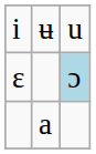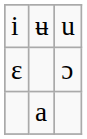 <table class="wikitable">
 <tr>
 <td>i</td>
 <td>ʉ</td>
 <td>u</td>
 </tr>
 <tr>
 <td>ɛ</td>
 <td></td>
-<td style="background: lightblue;">ɔ</td>
+<td>ɔ</td>
 </tr>
 <tr>
 <td></td>
 <td>a</td>
 <td></td>
 </tr>
 </table>
